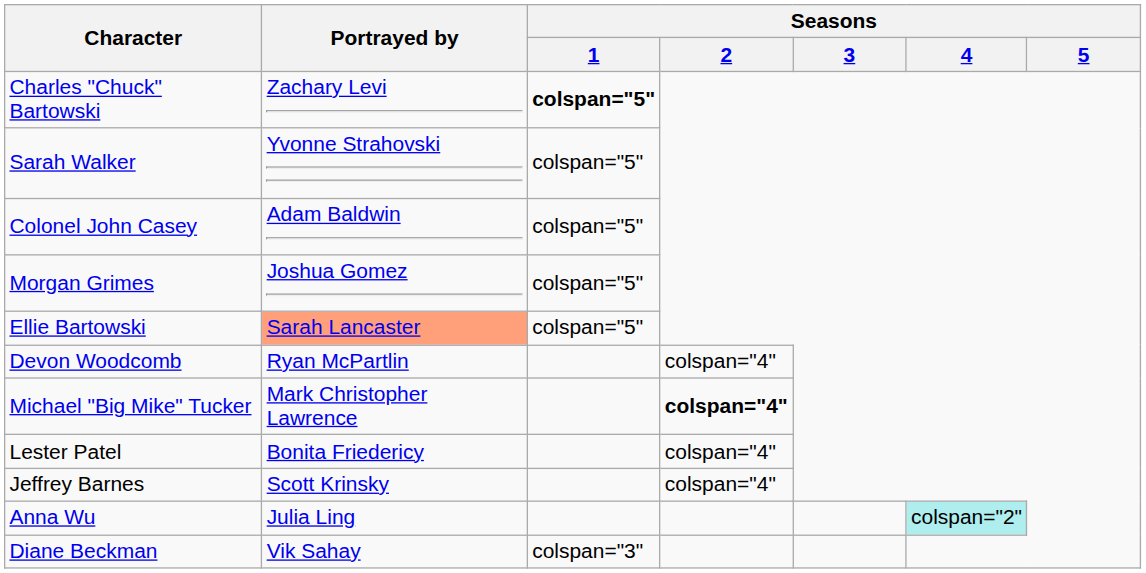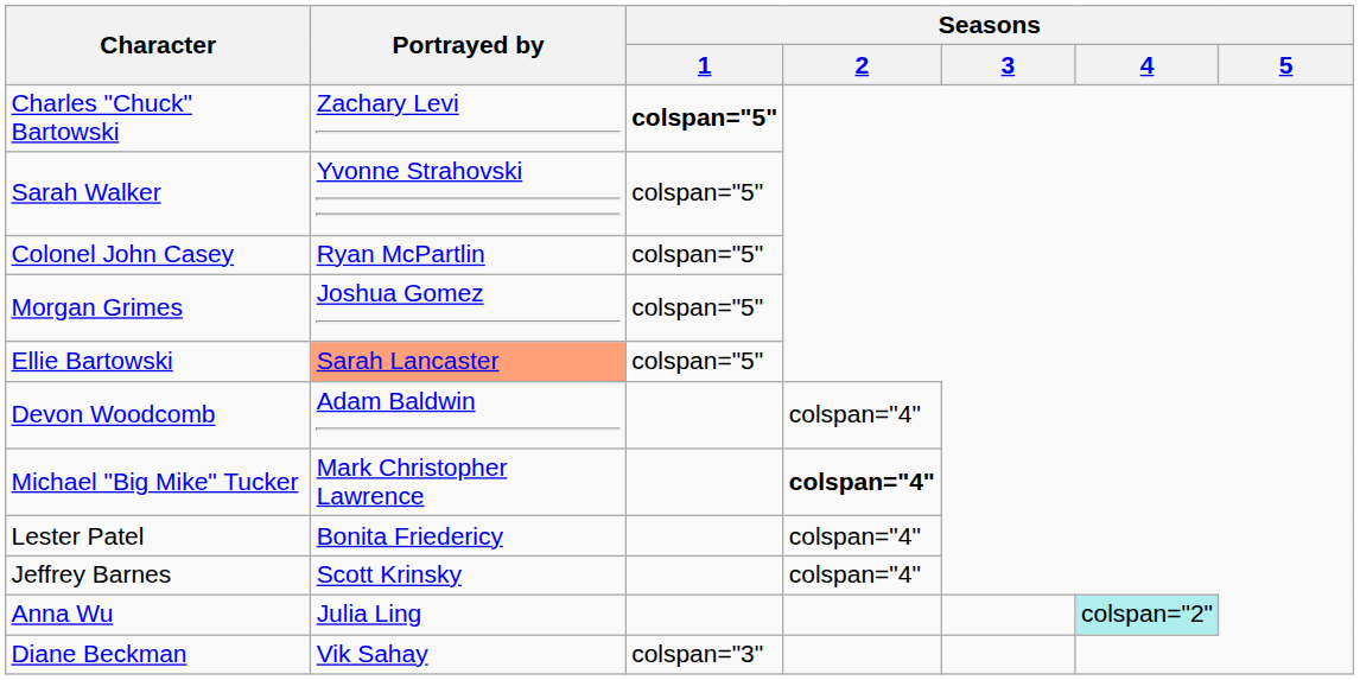 <table class="wikitable">
 <tr>
 <th rowspan="2">Character</th>
 <th rowspan="2">Portrayed by</th>
 <th colspan="5">Seasons</th>
 </tr>
 <tr>
 <th style="width:10%;"><a href='#'>1</a></th>
 <th style="width:10%;"><a href='#'>2</a></th>
 <th style="width:10%;"><a href='#'>3</a></th>
 <th style="width:10%;"><a href='#'>4</a></th>
 <th style="width:10%;"><a href='#'>5</a></th>
 </tr>
 <tr>
 <td><a href='#'>Charles "Chuck" Bartowski</a></td>
 <td><a href='#'>Zachary Levi</a><hr></td>
 <td><strong>colspan="5" </strong></td>
 </tr>
 <tr>
 <td><a href='#'>Sarah Walker<br></a></td>
 <td><a href='#'>Yvonne Strahovski</a><hr><hr></td>
 <td>colspan="5" </td>
 </tr>
 <tr>
 <td><a href='#'>Colonel John Casey<br></a></td>
-<td><a href='#'>Adam Baldwin</a><hr></td>
+<td><a href='#'>Ryan McPartlin</a></td>
 <td>colspan="5" </td>
 </tr>
 <tr>
 <td><a href='#'>Morgan Grimes</a></td>
 <td><a href='#'>Joshua Gomez</a><hr></td>
 <td>colspan="5" </td>
 </tr>
 <tr>
 <td><a href='#'>Ellie Bartowski</a></td>
 <td style="background: lightsalmon;"><a href='#'>Sarah Lancaster</a></td>
 <td>colspan="5" </td>
 </tr>
 <tr>
 <td><a href='#'>Devon Woodcomb</a></td>
-<td><a href='#'>Ryan McPartlin</a></td>
+<td><a href='#'>Adam Baldwin</a><hr></td>
 <td></td>
 <td>colspan="4" </td>
 </tr>
 <tr>
 <td><a href='#'>Michael "Big Mike" Tucker</a></td>
 <td><a href='#'>Mark Christopher Lawrence</a></td>
 <td></td>
 <td><strong>colspan="4" </strong></td>
 </tr>
 <tr>
 <td>Lester Patel</td>
 <td><a href='#'>Bonita Friedericy</a></td>
 <td></td>
 <td>colspan="4" </td>
 </tr>
 <tr>
 <td>Jeffrey Barnes</td>
 <td><a href='#'>Scott Krinsky</a></td>
 <td></td>
 <td>colspan="4" </td>
 </tr>
 <tr>
 <td><a href='#'>Anna Wu</a></td>
 <td><a href='#'>Julia Ling</a></td>
 <td></td>
 <td></td>
 <td></td>
 <td style="background: paleturquoise;">colspan="2" </td>
 </tr>
 <tr>
 <td><a href='#'>Diane Beckman</a></td>
 <td><a href='#'>Vik Sahay</a></td>
 <td>colspan="3" </td>
 <td></td>
 <td></td>
 </tr>
 </table>
